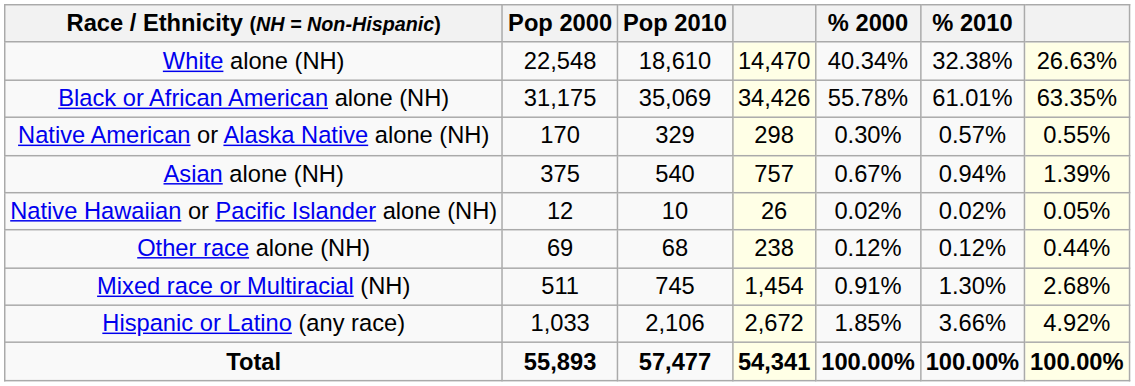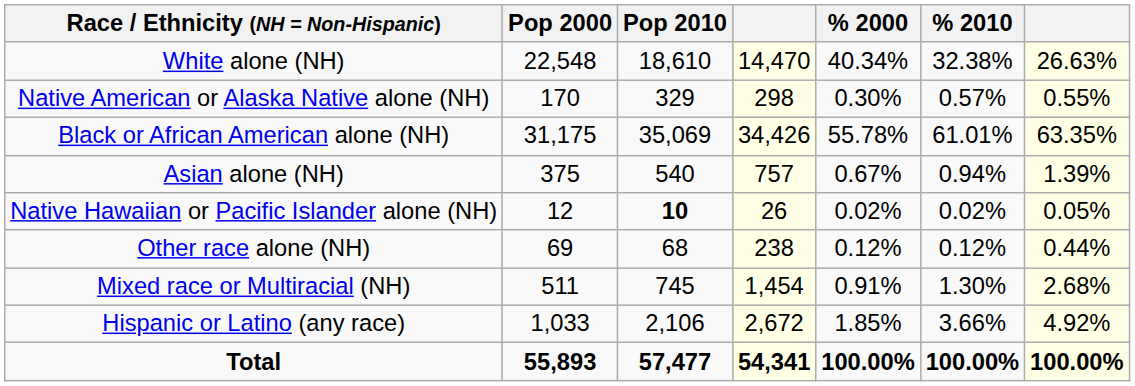 <table class="wikitable" style="text-align:center;">
 <tr>
 <th>Race / Ethnicity <small>(<em>NH = Non-Hispanic</em>)</small></th>
 <th>Pop 2000</th>
 <th>Pop 2010</th>
 <th></th>
 <th>% 2000</th>
 <th>% 2010</th>
 <th></th>
 </tr>
 <tr>
 <td><a href='#'>White</a> alone (NH)</td>
 <td>22,548</td>
 <td>18,610</td>
 <td style='background: #ffffe6;'>14,470</td>
 <td>40.34%</td>
 <td>32.38%</td>
 <td style='background: #ffffe6;'>26.63%</td>
 </tr>
 <tr>
+<td><a href='#'>Native American</a> or <a href='#'>Alaska Native</a> alone (NH)</td>
+<td>170</td>
+<td>329</td>
+<td style='background: #ffffe6;'>298</td>
+<td>0.30%</td>
+<td>0.57%</td>
+<td style='background: #ffffe6;'>0.55%</td>
+</tr>
+<tr>
 <td><a href='#'>Black or African American</a> alone (NH)</td>
 <td>31,175</td>
 <td>35,069</td>
 <td style='background: #ffffe6;'>34,426</td>
 <td>55.78%</td>
 <td>61.01%</td>
 <td style='background: #ffffe6;'>63.35%</td>
-</tr>
-<tr>
-<td><a href='#'>Native American</a> or <a href='#'>Alaska Native</a> alone (NH)</td>
-<td>170</td>
-<td>329</td>
-<td style='background: #ffffe6;'>298</td>
-<td>0.30%</td>
-<td>0.57%</td>
-<td style='background: #ffffe6;'>0.55%</td>
 </tr>
 <tr>
 <td><a href='#'>Asian</a> alone (NH)</td>
 <td>375</td>
 <td>540</td>
 <td style='background: #ffffe6;'>757</td>
 <td>0.67%</td>
 <td>0.94%</td>
 <td style='background: #ffffe6;'>1.39%</td>
 </tr>
 <tr>
 <td><a href='#'>Native Hawaiian</a> or <a href='#'>Pacific Islander</a> alone (NH)</td>
 <td>12</td>
-<td>10</td>
+<td><strong>10</strong></td>
 <td style='background: #ffffe6;'>26</td>
 <td>0.02%</td>
 <td>0.02%</td>
 <td style='background: #ffffe6;'>0.05%</td>
 </tr>
 <tr>
 <td><a href='#'>Other race</a> alone (NH)</td>
 <td>69</td>
 <td>68</td>
 <td style='background: #ffffe6;'>238</td>
 <td>0.12%</td>
 <td>0.12%</td>
 <td style='background: #ffffe6;'>0.44%</td>
 </tr>
 <tr>
 <td><a href='#'>Mixed race or Multiracial</a> (NH)</td>
 <td>511</td>
 <td>745</td>
 <td style='background: #ffffe6;'>1,454</td>
 <td>0.91%</td>
 <td>1.30%</td>
 <td style='background: #ffffe6;'>2.68%</td>
 </tr>
 <tr>
 <td><a href='#'>Hispanic or Latino</a> (any race)</td>
 <td>1,033</td>
 <td>2,106</td>
 <td style='background: #ffffe6;'>2,672</td>
 <td>1.85%</td>
 <td>3.66%</td>
 <td style='background: #ffffe6;'>4.92%</td>
 </tr>
 <tr>
 <td><strong>Total</strong></td>
 <td><strong>55,893</strong></td>
 <td><strong>57,477</strong></td>
 <td style='background: #ffffe6;'><strong>54,341</strong></td>
 <td><strong>100.00%</strong></td>
 <td><strong>100.00%</strong></td>
 <td style='background: #ffffe6;'><strong>100.00%</strong></td>
 </tr>
 </table>
